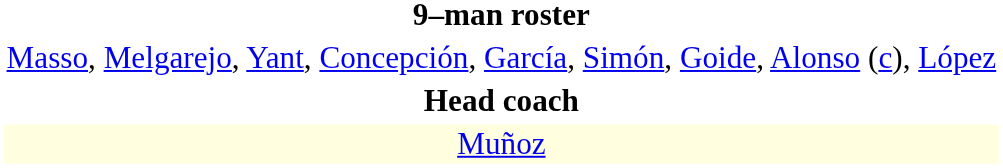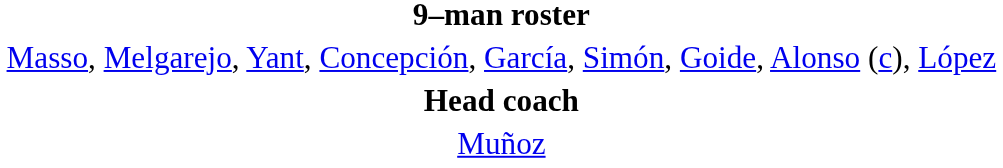 <table style="text-align:center; margin-top:2em; margin-left:auto; margin-right:auto">
 <tr>
 <td><strong>9–man roster</strong></td>
 </tr>
 <tr>
 <td><a href='#'>Masso</a>, <a href='#'>Melgarejo</a>, <a href='#'>Yant</a>, <a href='#'>Concepción</a>, <a href='#'>García</a>, <a href='#'>Simón</a>, <a href='#'>Goide</a>, <a href='#'>Alonso</a> (<a href='#'>c</a>), <a href='#'>López</a></td>
 </tr>
 <tr>
 <td><strong>Head coach</strong></td>
 </tr>
 <tr>
-<td style="background: lightyellow;"><a href='#'>Muñoz</a></td>
+<td><a href='#'>Muñoz</a></td>
 </tr>
 </table>
